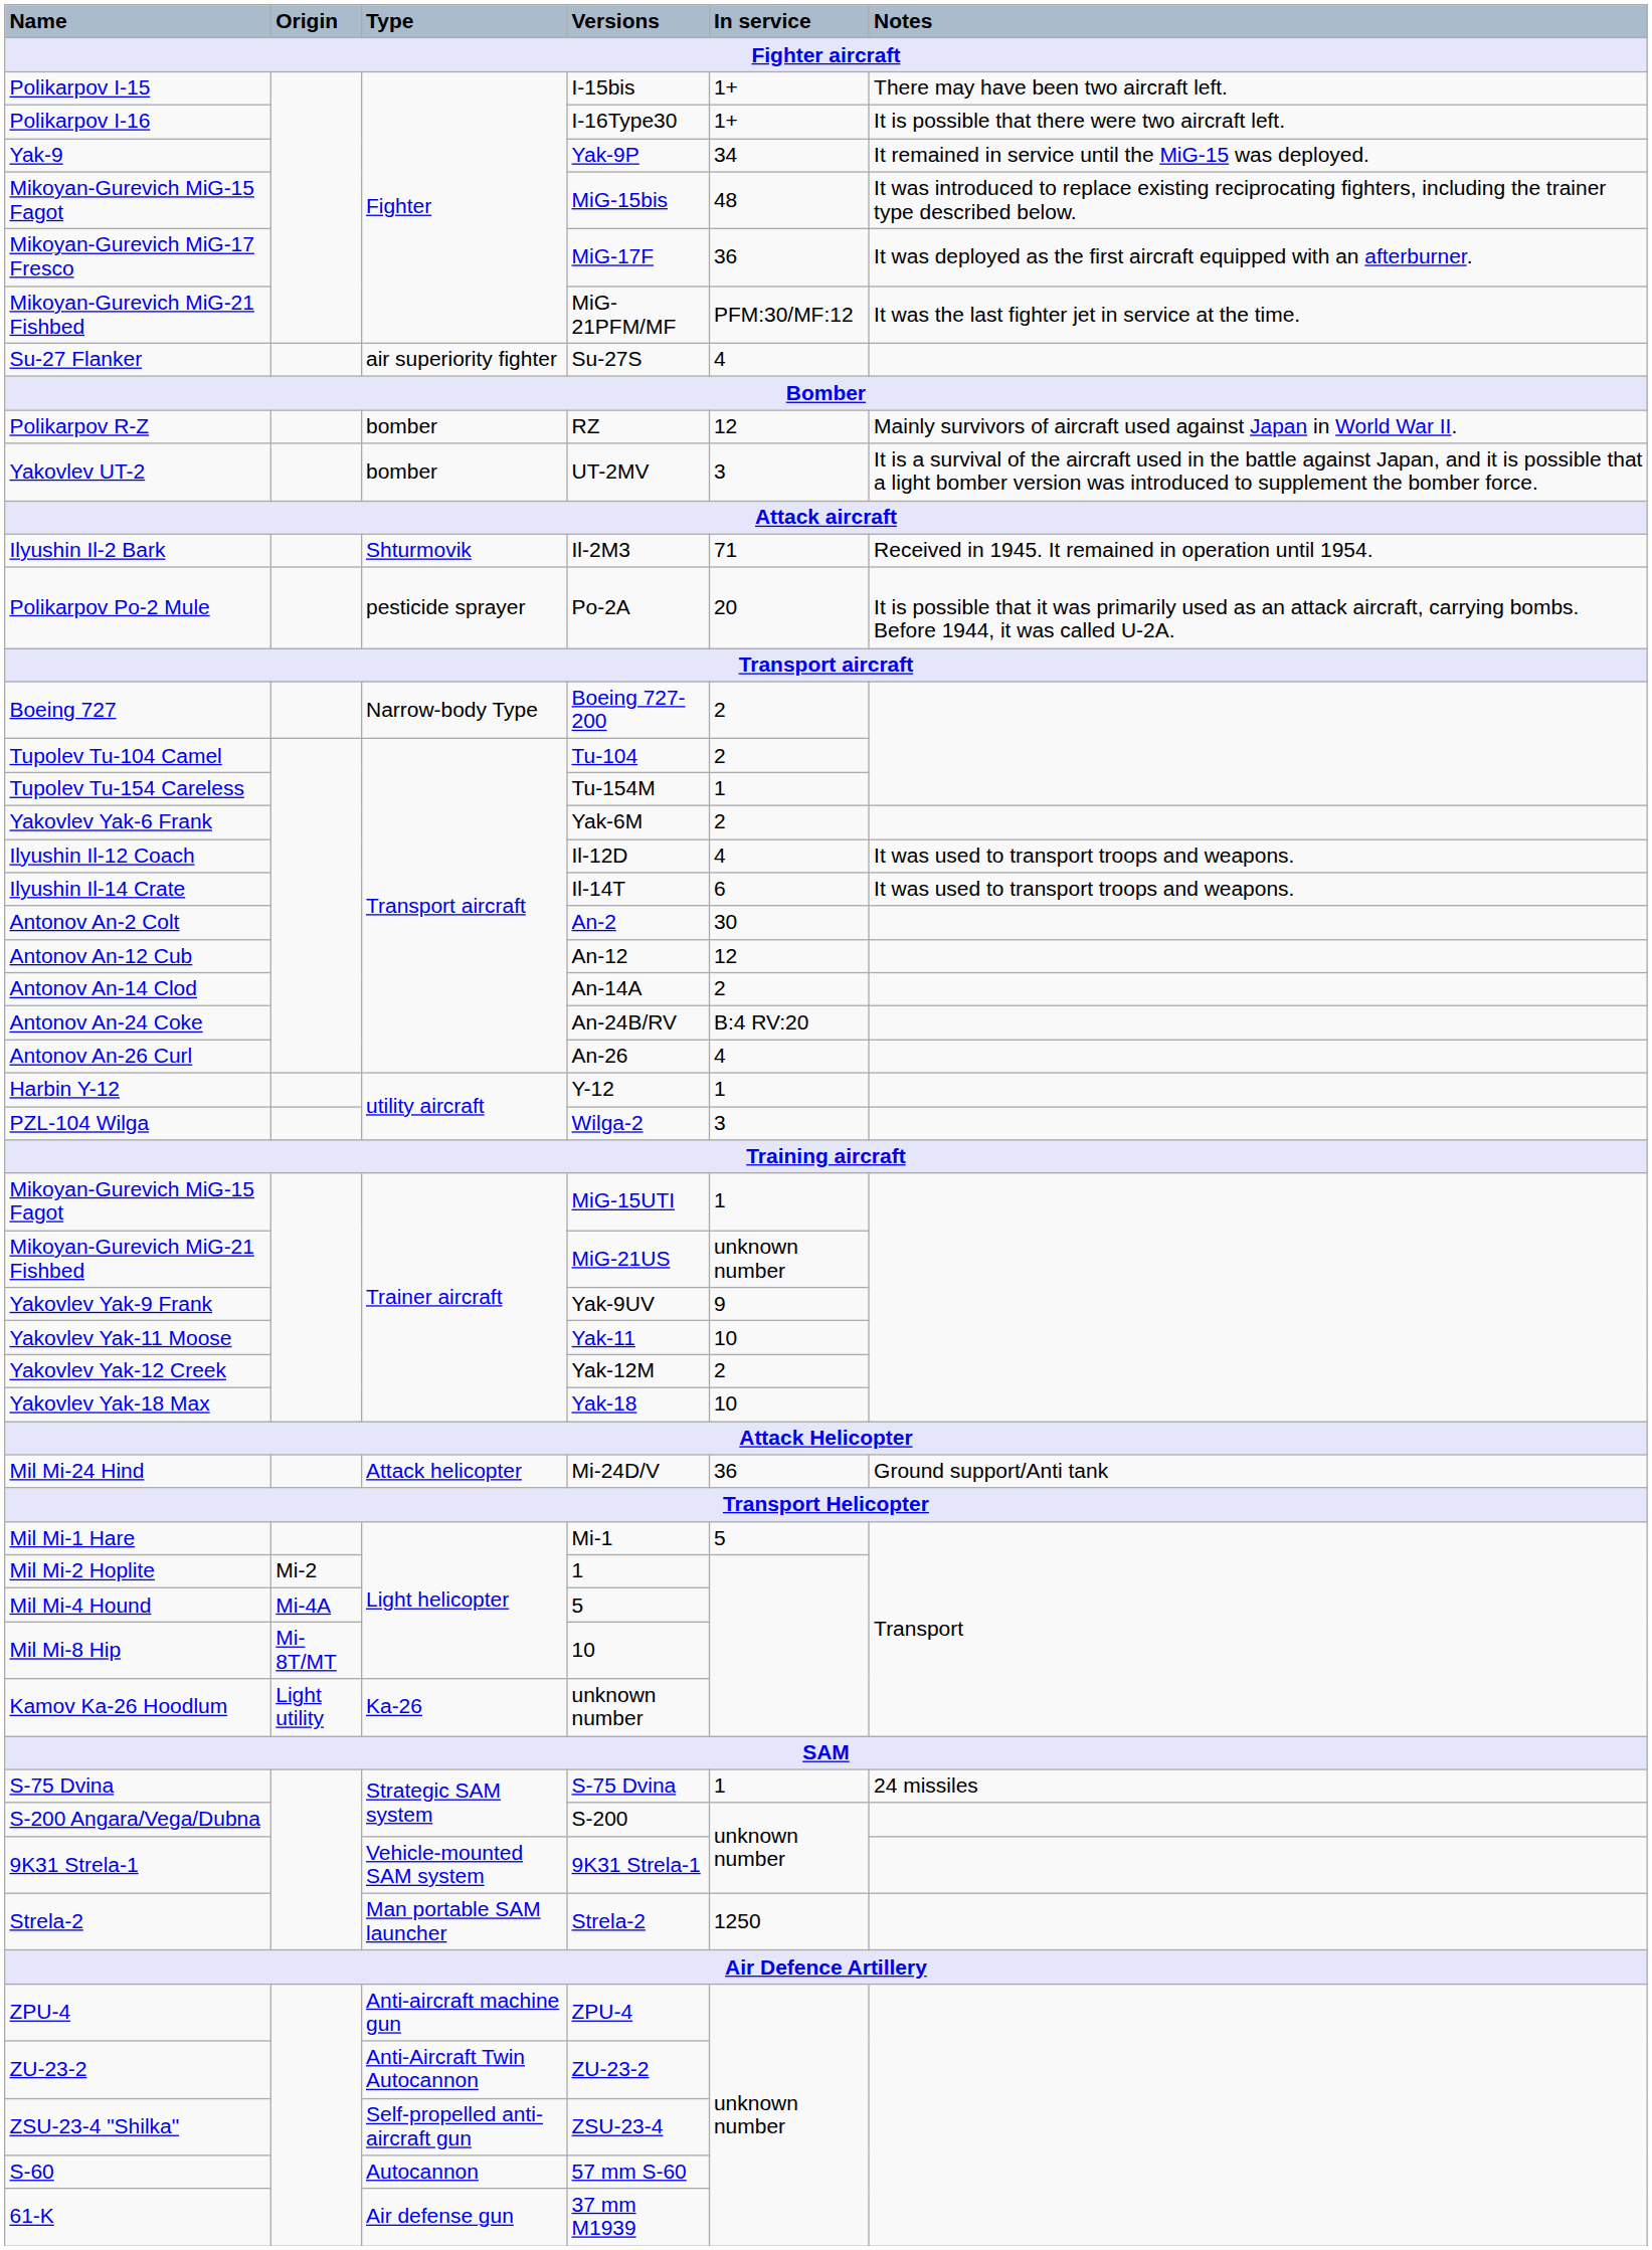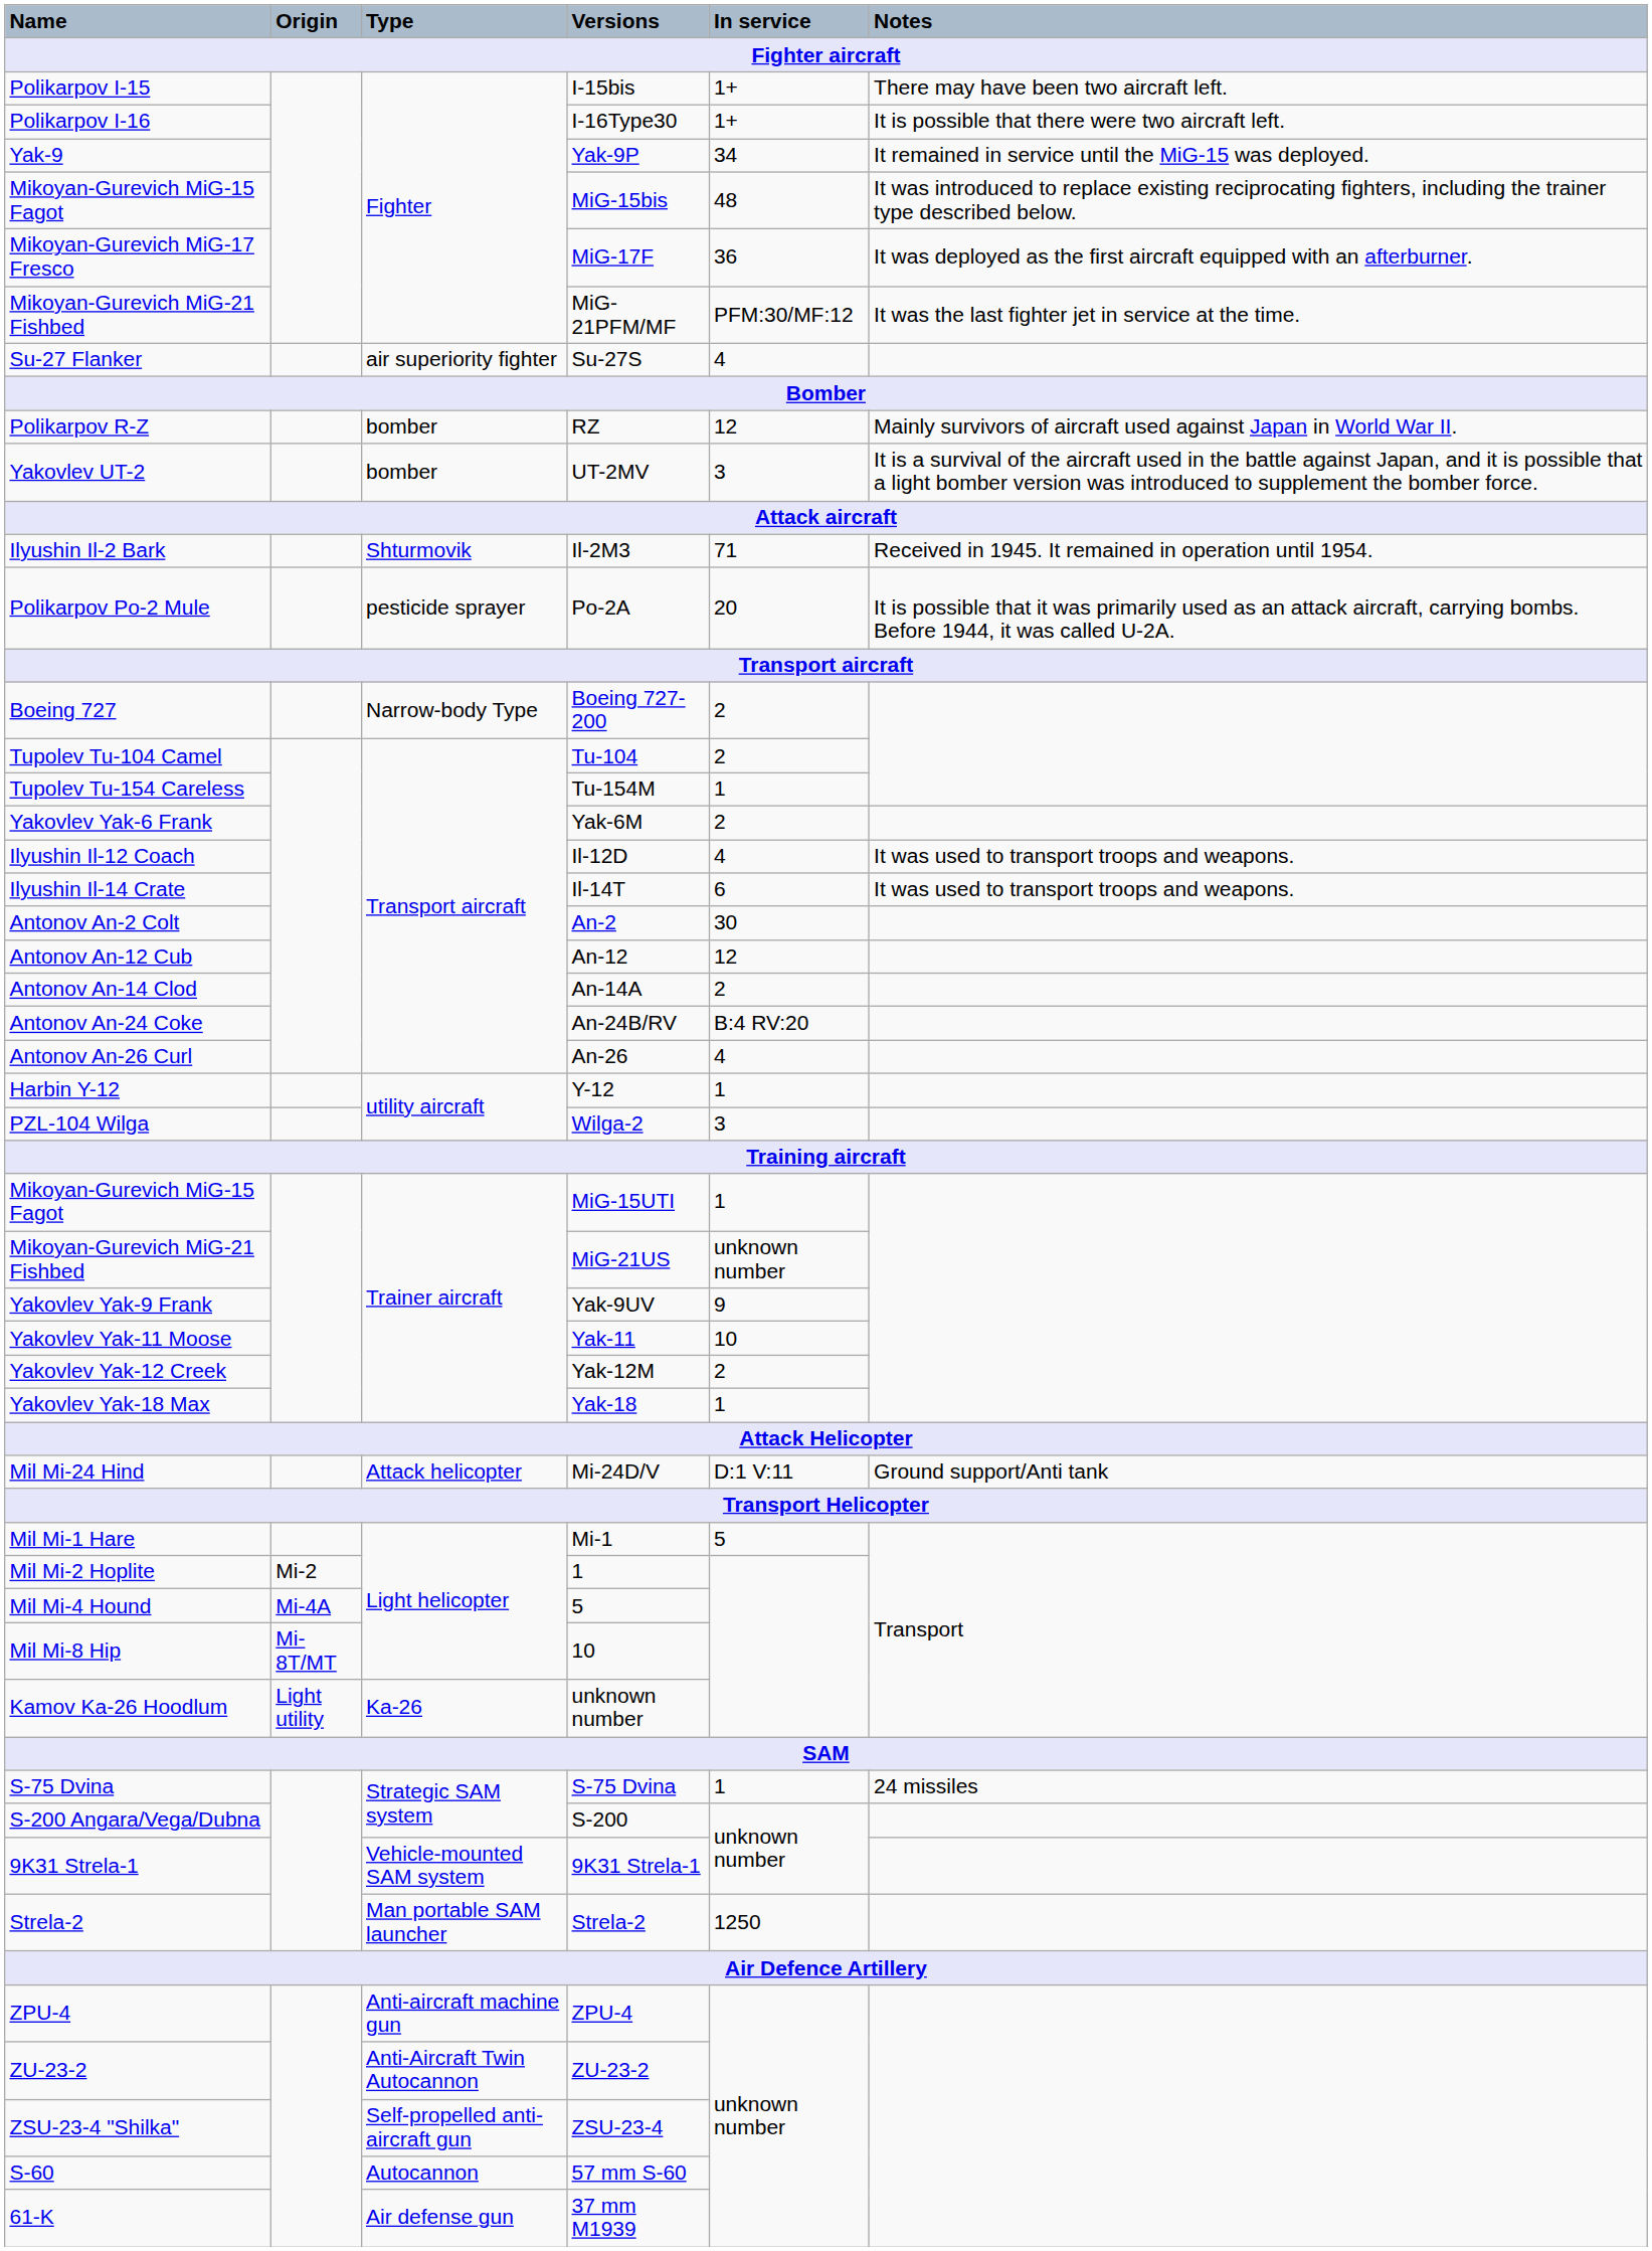 <table class="wikitable">
 <tr>
 <th style="text-align: left; background: #aabccc;">Name</th>
 <th style="text-align: left; background: #aabccc;">Origin</th>
 <th style="text-align: left; background: #aabccc;">Type</th>
 <th style="text-align: left; background: #aabccc;">Versions</th>
 <th style="text-align: left; background: #aabccc;">In service</th>
 <th style="text-align: left; background: #aabccc;">Notes</th>
 </tr>
 <tr>
 <th colspan="6" style="align: center; background: lavender;"><strong><a href='#'>Fighter aircraft</a></strong></th>
 </tr>
 <tr>
 <td><a href='#'>Polikarpov I-15</a></td>
 <td rowspan="6"></td>
 <td rowspan="6"><a href='#'>Fighter</a></td>
 <td>I-15bis</td>
 <td>1+</td>
 <td>There may have been two aircraft left.</td>
 </tr>
 <tr>
 <td><a href='#'>Polikarpov I-16</a></td>
 <td>I-16Type30</td>
 <td>1+</td>
 <td>It is possible that there were two aircraft left.</td>
 </tr>
 <tr>
 <td><a href='#'>Yak-9</a></td>
 <td><a href='#'>Yak-9P</a></td>
 <td>34</td>
 <td>It remained in service until the <a href='#'>MiG-15</a> was deployed.</td>
 </tr>
 <tr>
 <td><a href='#'>Mikoyan-Gurevich MiG-15 Fagot</a></td>
 <td><a href='#'>MiG-15bis</a></td>
 <td>48</td>
 <td>It was introduced to replace existing reciprocating fighters, including the trainer type described below.</td>
 </tr>
 <tr>
 <td><a href='#'>Mikoyan-Gurevich MiG-17 Fresco</a></td>
 <td><a href='#'>MiG-17F</a></td>
 <td>36</td>
 <td>It was deployed as the first aircraft equipped with an <a href='#'>afterburner</a>.</td>
 </tr>
 <tr>
 <td><a href='#'>Mikoyan-Gurevich MiG-21 Fishbed</a></td>
 <td>MiG-21PFM/MF</td>
 <td>PFM:30/MF:12</td>
 <td>It was the last fighter jet in service at the time.</td>
 </tr>
 <tr>
 <td><a href='#'>Su-27 Flanker</a></td>
 <td></td>
 <td>air superiority fighter</td>
 <td>Su-27S</td>
 <td>4</td>
 <td></td>
 </tr>
 <tr>
 <th colspan="6" style="align: center; background: lavender;"><strong><a href='#'>Bomber</a></strong></th>
 </tr>
 <tr>
 <td><a href='#'>Polikarpov R-Z</a></td>
 <td></td>
 <td>bomber</td>
 <td>RZ</td>
 <td>12</td>
 <td>Mainly survivors of aircraft used against <a href='#'>Japan</a> in <a href='#'>World War II</a>.</td>
 </tr>
 <tr>
 <td><a href='#'>Yakovlev UT-2</a></td>
 <td></td>
 <td>bomber</td>
 <td>UT-2MV</td>
 <td>3</td>
 <td>It is a survival of the aircraft used in the battle against Japan, and it is possible that a light bomber version was introduced to supplement the bomber force.</td>
 </tr>
 <tr>
 <th colspan="6" style="align: center; background: lavender;"><strong><a href='#'>Attack aircraft</a></strong></th>
 </tr>
 <tr>
 <td><a href='#'>Ilyushin Il-2 Bark</a></td>
 <td></td>
 <td><a href='#'>Shturmovik</a></td>
 <td>Il-2M3</td>
 <td>71</td>
 <td>Received in 1945. It remained in operation until 1954.</td>
 </tr>
 <tr>
 <td><a href='#'>Polikarpov Po-2 Mule</a></td>
 <td></td>
 <td>pesticide sprayer</td>
 <td>Po-2A</td>
 <td>20</td>
 <td><br>It is possible that it was primarily used as an attack aircraft, carrying bombs. Before 1944, it was called U-2A.</td>
 </tr>
 <tr>
 <th colspan="6" style="align: center; background: lavender;"><strong><a href='#'>Transport aircraft</a></strong></th>
 </tr>
 <tr>
 <td><a href='#'>Boeing 727</a></td>
 <td></td>
 <td>Narrow-body Type</td>
 <td><a href='#'>Boeing 727-200</a></td>
 <td>2</td>
 <td rowspan="3"></td>
 </tr>
 <tr>
 <td><a href='#'>Tupolev Tu-104 Camel</a></td>
 <td rowspan="10"></td>
 <td rowspan="10"><a href='#'>Transport aircraft</a></td>
 <td><a href='#'>Tu-104</a></td>
 <td>2</td>
 </tr>
 <tr>
 <td><a href='#'>Tupolev Tu-154 Careless</a></td>
 <td>Tu-154M</td>
 <td>1</td>
 </tr>
 <tr>
 <td><a href='#'>Yakovlev Yak-6 Frank</a></td>
 <td>Yak-6M</td>
 <td>2</td>
 <td></td>
 </tr>
 <tr>
 <td><a href='#'>Ilyushin Il-12 Coach</a></td>
 <td>Il-12D</td>
 <td>4</td>
 <td>It was used to transport troops and weapons.</td>
 </tr>
 <tr>
 <td><a href='#'>Ilyushin Il-14 Crate</a></td>
 <td>Il-14T</td>
 <td>6</td>
 <td>It was used to transport troops and weapons.</td>
 </tr>
 <tr>
 <td><a href='#'>Antonov An-2 Colt</a></td>
 <td><a href='#'>An-2</a></td>
 <td>30</td>
 <td></td>
 </tr>
 <tr>
 <td><a href='#'>Antonov An-12 Cub</a></td>
 <td>An-12</td>
 <td>12</td>
 <td></td>
 </tr>
 <tr>
 <td><a href='#'>Antonov An-14 Clod</a></td>
 <td>An-14A</td>
 <td>2</td>
 <td></td>
 </tr>
 <tr>
 <td><a href='#'>Antonov An-24 Coke</a></td>
 <td>An-24B/RV</td>
 <td>B:4 RV:20</td>
 <td></td>
 </tr>
 <tr>
 <td><a href='#'>Antonov An-26 Curl</a></td>
 <td>An-26</td>
 <td>4</td>
 <td></td>
 </tr>
 <tr>
 <td><a href='#'>Harbin Y-12</a></td>
 <td></td>
 <td rowspan="2"><a href='#'>utility aircraft</a></td>
 <td>Y-12</td>
 <td>1</td>
 <td></td>
 </tr>
 <tr>
 <td><a href='#'>PZL-104 Wilga</a></td>
 <td></td>
 <td><a href='#'>Wilga-2</a></td>
 <td>3</td>
 <td></td>
 </tr>
 <tr>
 <th colspan="6" style="align: center; background: lavender;"><strong><a href='#'>Training aircraft</a></strong></th>
 </tr>
 <tr>
 <td><a href='#'>Mikoyan-Gurevich MiG-15 Fagot</a></td>
 <td rowspan="6"></td>
 <td rowspan="6"><a href='#'>Trainer aircraft</a></td>
 <td><a href='#'>MiG-15UTI</a></td>
 <td>1</td>
 <td rowspan="6"></td>
 </tr>
 <tr>
 <td><a href='#'>Mikoyan-Gurevich MiG-21 Fishbed</a></td>
 <td><a href='#'>MiG-21US</a></td>
 <td>unknown number</td>
 </tr>
 <tr>
 <td><a href='#'>Yakovlev Yak-9 Frank</a></td>
 <td>Yak-9UV</td>
 <td>9</td>
 </tr>
 <tr>
 <td><a href='#'>Yakovlev Yak-11 Moose</a></td>
 <td><a href='#'>Yak-11</a></td>
 <td>10</td>
 </tr>
 <tr>
 <td><a href='#'>Yakovlev Yak-12 Creek</a></td>
 <td>Yak-12M</td>
 <td>2</td>
 </tr>
 <tr>
 <td><a href='#'>Yakovlev Yak-18 Max</a></td>
 <td><a href='#'>Yak-18</a></td>
-<td>10</td>
+<td>1</td>
 </tr>
 <tr>
 <th colspan="6" style="align: center; background: lavender;"><strong><a href='#'>Attack Helicopter</a></strong></th>
 </tr>
 <tr>
 <td><a href='#'>Mil Mi-24 Hind</a></td>
 <td></td>
 <td><a href='#'>Attack helicopter</a></td>
 <td>Mi-24D/V</td>
-<td>36</td>
+<td>D:1 V:11</td>
 <td>Ground support/Anti tank</td>
 </tr>
 <tr>
 <th colspan="6" style="align: center; background: lavender;"><strong><a href='#'>Transport Helicopter</a></strong></th>
 </tr>
 <tr>
 <td><a href='#'>Mil Mi-1 Hare</a></td>
 <td></td>
 <td rowspan="4"><a href='#'>Light helicopter</a></td>
 <td>Mi-1</td>
 <td>5</td>
 <td rowspan="5">Transport</td>
 </tr>
 <tr>
 <td><a href='#'>Mil Mi-2 Hoplite</a></td>
 <td>Mi-2</td>
 <td>1</td>
 </tr>
 <tr>
 <td><a href='#'>Mil Mi-4 Hound</a></td>
 <td><a href='#'>Mi-4A</a></td>
 <td>5</td>
 </tr>
 <tr>
 <td><a href='#'>Mil Mi-8 Hip</a></td>
 <td><a href='#'>Mi-8T/MT</a></td>
 <td>10</td>
 </tr>
 <tr>
 <td><a href='#'>Kamov Ka-26 Hoodlum</a></td>
 <td><a href='#'>Light utility</a></td>
 <td><a href='#'>Ka-26</a></td>
 <td>unknown number</td>
 </tr>
 <tr>
 <th colspan="6" style="align: center; background: lavender;"><strong><a href='#'>SAM</a></strong></th>
 </tr>
 <tr>
 <td><a href='#'>S-75 Dvina</a></td>
 <td rowspan="4"></td>
 <td rowspan="2"><a href='#'>Strategic SAM system</a></td>
 <td><a href='#'>S-75 Dvina</a></td>
 <td>1</td>
 <td>24 missiles</td>
 </tr>
 <tr>
 <td><a href='#'>S-200 Angara/Vega/Dubna</a></td>
 <td>S-200</td>
 <td rowspan="2">unknown number</td>
 <td></td>
 </tr>
 <tr>
 <td><a href='#'>9K31 Strela-1</a></td>
 <td><a href='#'>Vehicle-mounted SAM system</a></td>
 <td><a href='#'>9K31 Strela-1</a></td>
 <td></td>
 </tr>
 <tr>
 <td><a href='#'>Strela-2</a></td>
 <td><a href='#'>Man portable SAM launcher</a></td>
 <td><a href='#'>Strela-2</a></td>
 <td>1250</td>
 <td></td>
 </tr>
 <tr>
 <th colspan="6" style="align: center; background: lavender;"><strong><a href='#'>Air Defence Artillery</a></strong></th>
 </tr>
 <tr>
 <td><a href='#'> ZPU-4</a></td>
 <td rowspan="5"></td>
 <td><a href='#'>Anti-aircraft machine gun</a></td>
 <td><a href='#'>ZPU-4</a></td>
 <td rowspan="5">unknown number</td>
 <td rowspan="5"></td>
 </tr>
 <tr>
 <td><a href='#'>ZU-23-2</a></td>
 <td><a href='#'>Anti-Aircraft Twin Autocannon</a></td>
 <td><a href='#'>ZU-23-2</a></td>
 </tr>
 <tr>
 <td><a href='#'>ZSU-23-4 "Shilka"</a></td>
 <td><a href='#'>Self-propelled anti-aircraft gun</a></td>
 <td><a href='#'>ZSU-23-4</a></td>
 </tr>
 <tr>
 <td><a href='#'>S-60</a></td>
 <td><a href='#'>Autocannon</a></td>
 <td><a href='#'>57&nbsp;mm S-60</a></td>
 </tr>
 <tr>
 <td><a href='#'>61-K</a></td>
 <td><a href='#'>Air defense gun</a></td>
 <td><a href='#'>37&nbsp;mm M1939</a></td>
 </tr>
 </table>
